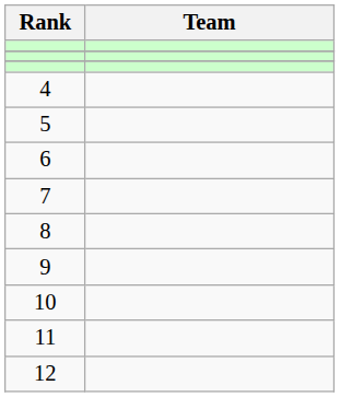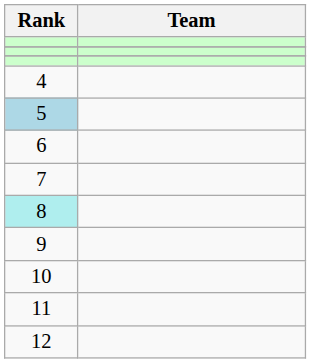 <table class="wikitable" style="text-align: center">
 <tr>
 <th width=50>Rank</th>
 <th width=170>Team</th>
 </tr>
 <tr bgcolor=ccffcc>
 <td></td>
 <td align=left></td>
 </tr>
 <tr>
 </tr>
 <tr bgcolor=ccffcc>
 <td></td>
 <td align=left></td>
 </tr>
 <tr>
 </tr>
 <tr bgcolor=ccffcc>
 <td></td>
 <td align=left></td>
 </tr>
 <tr>
 <td>4</td>
 <td align=left></td>
 </tr>
 <tr>
-<td>5</td>
+<td style="background: lightblue;">5</td>
 <td align=left></td>
 </tr>
 <tr>
 <td>6</td>
 <td align=left></td>
 </tr>
 <tr>
 <td>7</td>
 <td align=left></td>
 </tr>
 <tr>
-<td>8</td>
+<td style="background: paleturquoise;">8</td>
 <td align=left></td>
 </tr>
 <tr>
 <td>9</td>
 <td align=left></td>
 </tr>
 <tr>
 <td>10</td>
 <td align=left></td>
 </tr>
 <tr>
 <td>11</td>
 <td align=left></td>
 </tr>
 <tr>
 <td>12</td>
 <td align=left></td>
 </tr>
 </table>
